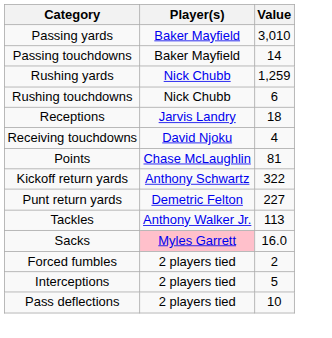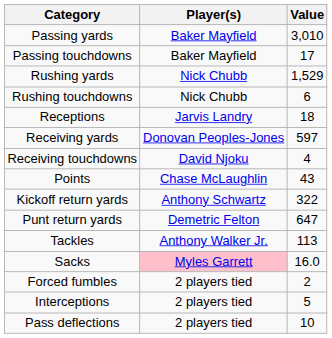 <table class="wikitable" style="text-align:center">
 <tr>
 <th>Category</th>
 <th>Player(s)</th>
 <th>Value</th>
 </tr>
 <tr>
 <td>Passing yards</td>
 <td><a href='#'>Baker Mayfield</a></td>
 <td>3,010</td>
 </tr>
 <tr>
 <td>Passing touchdowns</td>
 <td>Baker Mayfield</td>
-<td>14</td>
+<td>17</td>
 </tr>
 <tr>
 <td>Rushing yards</td>
 <td><a href='#'>Nick Chubb</a></td>
-<td>1,259</td>
+<td>1,529</td>
 </tr>
 <tr>
 <td>Rushing touchdowns</td>
 <td>Nick Chubb</td>
 <td>6</td>
 </tr>
 <tr>
 <td>Receptions</td>
 <td><a href='#'>Jarvis Landry</a></td>
 <td>18</td>
 </tr>
 <tr>
+<td>Receiving yards</td>
+<td><a href='#'>Donovan Peoples-Jones</a></td>
+<td>597</td>
+</tr>
+<tr>
 <td>Receiving touchdowns</td>
 <td><a href='#'>David Njoku</a></td>
 <td>4</td>
 </tr>
 <tr>
 <td>Points</td>
 <td><a href='#'>Chase McLaughlin</a></td>
-<td>81</td>
+<td>43</td>
 </tr>
 <tr>
 <td>Kickoff return yards</td>
 <td><a href='#'>Anthony Schwartz</a></td>
 <td>322</td>
 </tr>
 <tr>
 <td>Punt return yards</td>
 <td><a href='#'>Demetric Felton</a></td>
-<td>227</td>
+<td>647</td>
 </tr>
 <tr>
 <td>Tackles</td>
 <td><a href='#'>Anthony Walker Jr.</a></td>
 <td>113</td>
 </tr>
 <tr>
 <td>Sacks</td>
 <td style="background: pink;"><a href='#'>Myles Garrett</a></td>
 <td>16.0</td>
 </tr>
 <tr>
 <td>Forced fumbles</td>
 <td>2 players tied</td>
 <td>2</td>
 </tr>
 <tr>
 <td>Interceptions</td>
 <td>2 players tied</td>
 <td>5</td>
 </tr>
 <tr>
 <td>Pass deflections</td>
 <td>2 players tied</td>
 <td>10</td>
 </tr>
 </table>
